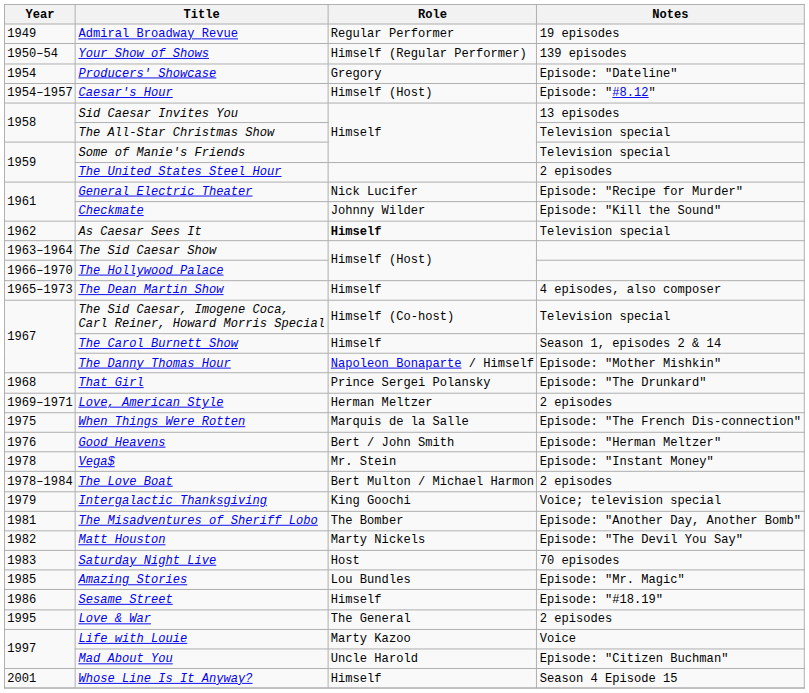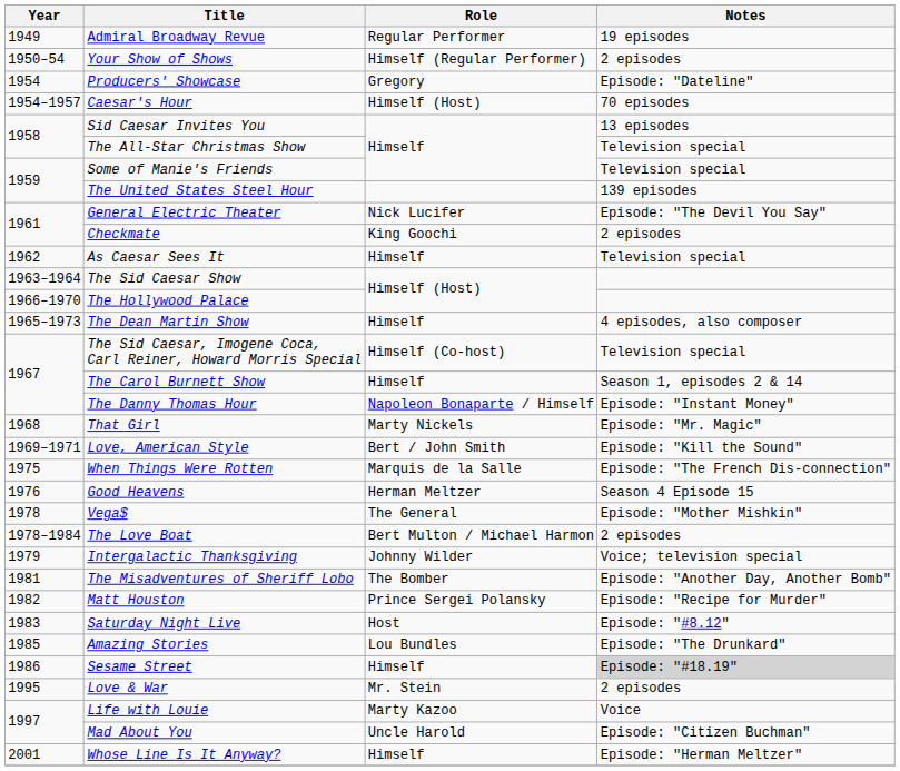 <table class="wikitable sortable">
 <tr>
 <th>Year</th>
 <th>Title</th>
 <th>Role</th>
 <th>Notes</th>
 </tr>
 <tr>
 <td>1949</td>
 <td><a href='#'>Admiral Broadway Revue</a></td>
 <td>Regular Performer</td>
 <td>19 episodes</td>
 </tr>
 <tr>
 <td>1950–54</td>
 <td><em><a href='#'>Your Show of Shows</a></em></td>
 <td>Himself (Regular Performer)</td>
-<td>139 episodes</td>
+<td>2 episodes</td>
 </tr>
 <tr>
 <td>1954</td>
 <td><em><a href='#'>Producers' Showcase</a></em></td>
 <td>Gregory</td>
 <td>Episode: "Dateline"</td>
 </tr>
 <tr>
 <td>1954–1957</td>
 <td><em><a href='#'>Caesar's Hour</a></em></td>
 <td>Himself (Host)</td>
-<td>Episode: "<a href='#'>#8.12</a>"</td>
+<td>70 episodes</td>
 </tr>
 <tr>
 <td rowspan=2>1958</td>
 <td><em>Sid Caesar Invites You</em></td>
 <td rowspan=3>Himself</td>
 <td>13 episodes</td>
 </tr>
 <tr>
 <td><em>The All-Star Christmas Show</em></td>
 <td>Television special</td>
 </tr>
 <tr>
 <td rowspan=2>1959</td>
 <td><em>Some of Manie's Friends</em></td>
 <td>Television special</td>
 </tr>
 <tr>
 <td><em><a href='#'>The United States Steel Hour</a></em></td>
 <td></td>
-<td>2 episodes</td>
+<td>139 episodes</td>
 </tr>
 <tr>
 <td rowspan=2>1961</td>
 <td><em><a href='#'>General Electric Theater</a></em></td>
 <td>Nick Lucifer</td>
-<td>Episode: "Recipe for Murder"</td>
+<td>Episode: "The Devil You Say"</td>
 </tr>
 <tr>
 <td><em><a href='#'>Checkmate</a></em></td>
-<td>Johnny Wilder</td>
-<td>Episode: "Kill the Sound"</td>
+<td>King Goochi</td>
+<td>2 episodes</td>
 </tr>
 <tr>
 <td>1962</td>
 <td><em>As Caesar Sees It</em></td>
-<td><strong>Himself</strong></td>
+<td>Himself</td>
 <td>Television special</td>
 </tr>
 <tr>
 <td>1963–1964</td>
 <td><em>The Sid Caesar Show</em></td>
 <td rowspan=2>Himself (Host)</td>
 <td></td>
 </tr>
 <tr>
 <td>1966–1970</td>
 <td><em><a href='#'>The Hollywood Palace</a></em></td>
 <td></td>
 </tr>
 <tr>
 <td>1965–1973</td>
 <td><em><a href='#'>The Dean Martin Show</a></em></td>
 <td>Himself</td>
 <td>4 episodes, also composer</td>
 </tr>
 <tr>
 <td rowspan=3>1967</td>
 <td><em>The Sid Caesar, Imogene Coca, <br> Carl Reiner, Howard Morris Special</em></td>
 <td>Himself (Co-host)</td>
 <td>Television special</td>
 </tr>
 <tr>
 <td><em><a href='#'>The Carol Burnett Show</a></em></td>
 <td>Himself</td>
 <td>Season 1, episodes 2 & 14</td>
 </tr>
 <tr>
 <td><em><a href='#'>The Danny Thomas Hour</a></em></td>
 <td><a href='#'>Napoleon Bonaparte</a> / Himself</td>
-<td>Episode: "Mother Mishkin"</td>
+<td>Episode: "Instant Money"</td>
 </tr>
 <tr>
 <td>1968</td>
 <td><em><a href='#'>That Girl</a></em></td>
-<td>Prince Sergei Polansky</td>
-<td>Episode: "The Drunkard"</td>
+<td>Marty Nickels</td>
+<td>Episode: "Mr. Magic"</td>
 </tr>
 <tr>
 <td>1969–1971</td>
 <td><em><a href='#'>Love, American Style</a></em></td>
-<td>Herman Meltzer</td>
-<td>2 episodes</td>
+<td>Bert / John Smith</td>
+<td>Episode: "Kill the Sound"</td>
 </tr>
 <tr>
 <td>1975</td>
 <td><em><a href='#'>When Things Were Rotten</a></em></td>
 <td>Marquis de la Salle</td>
 <td>Episode: "The French Dis-connection"</td>
 </tr>
 <tr>
 <td>1976</td>
 <td><em><a href='#'>Good Heavens</a></em></td>
-<td>Bert / John Smith</td>
-<td>Episode: "Herman Meltzer"</td>
+<td>Herman Meltzer</td>
+<td>Season 4 Episode 15</td>
 </tr>
 <tr>
 <td>1978</td>
 <td><em><a href='#'>Vega$</a></em></td>
-<td>Mr. Stein</td>
-<td>Episode: "Instant Money"</td>
+<td>The General</td>
+<td>Episode: "Mother Mishkin"</td>
 </tr>
 <tr>
 <td>1978–1984</td>
 <td><em><a href='#'>The Love Boat</a></em></td>
 <td>Bert Multon / Michael Harmon</td>
 <td>2 episodes</td>
 </tr>
 <tr>
 <td>1979</td>
 <td><em><a href='#'>Intergalactic Thanksgiving</a></em></td>
-<td>King Goochi</td>
+<td>Johnny Wilder</td>
 <td>Voice; television special</td>
 </tr>
 <tr>
 <td>1981</td>
 <td><em><a href='#'>The Misadventures of Sheriff Lobo</a></em></td>
 <td>The Bomber</td>
 <td>Episode: "Another Day, Another Bomb"</td>
 </tr>
 <tr>
 <td>1982</td>
 <td><em><a href='#'>Matt Houston</a></em></td>
-<td>Marty Nickels</td>
-<td>Episode: "The Devil You Say"</td>
+<td>Prince Sergei Polansky</td>
+<td>Episode: "Recipe for Murder"</td>
 </tr>
 <tr>
 <td>1983</td>
 <td><em><a href='#'>Saturday Night Live</a></em></td>
 <td>Host</td>
-<td>70 episodes</td>
+<td>Episode: "<a href='#'>#8.12</a>"</td>
 </tr>
 <tr>
 <td>1985</td>
 <td><em><a href='#'>Amazing Stories</a></em></td>
 <td>Lou Bundles</td>
-<td>Episode: "Mr. Magic"</td>
+<td>Episode: "The Drunkard"</td>
 </tr>
 <tr>
 <td>1986</td>
 <td><em><a href='#'>Sesame Street</a></em></td>
 <td>Himself</td>
-<td>Episode: "#18.19"</td>
+<td style="background: lightgrey;">Episode: "#18.19"</td>
 </tr>
 <tr>
 <td>1995</td>
 <td><em><a href='#'>Love & War</a></em></td>
-<td>The General</td>
+<td>Mr. Stein</td>
 <td>2 episodes</td>
 </tr>
 <tr>
 <td rowspan=2>1997</td>
 <td><em><a href='#'>Life with Louie</a></em></td>
 <td>Marty Kazoo</td>
 <td>Voice</td>
 </tr>
 <tr>
 <td><em><a href='#'>Mad About You</a></em></td>
 <td>Uncle Harold</td>
 <td>Episode: "Citizen Buchman"</td>
 </tr>
 <tr>
 <td>2001</td>
 <td><em><a href='#'>Whose Line Is It Anyway?</a></em></td>
 <td>Himself</td>
-<td>Season 4 Episode 15</td>
+<td>Episode: "Herman Meltzer"</td>
 </tr>
 <tr>
 </tr>
 </table>
